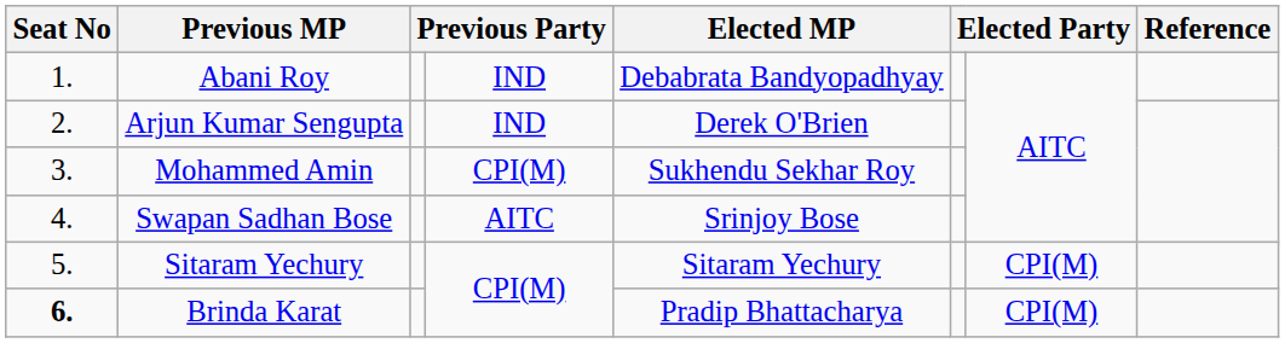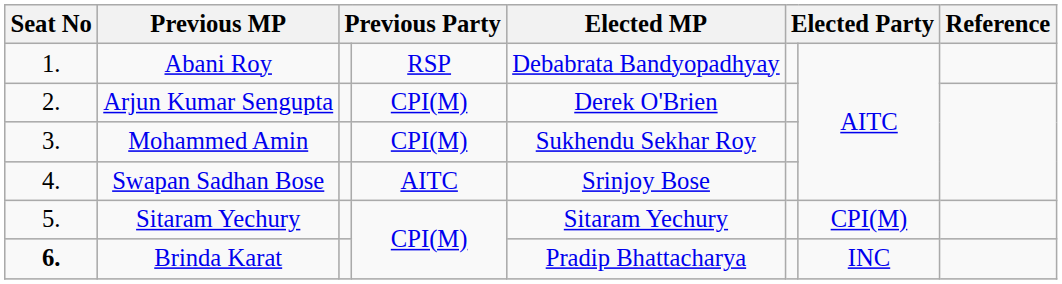 <table class="wikitable">
 <tr>
 <th>Seat No</th>
 <th>Previous MP</th>
 <th colspan=2>Previous Party</th>
 <th>Elected MP</th>
 <th colspan=2>Elected Party</th>
 <th>Reference</th>
 </tr>
 <tr style="text-align:center;">
 <td>1.</td>
 <td><a href='#'>Abani Roy</a></td>
 <td width="1px"></td>
-<td><a href='#'>IND</a></td>
+<td><a href='#'>RSP</a></td>
 <td><a href='#'>Debabrata Bandyopadhyay</a></td>
 <td width="1px"></td>
 <td rowspan=4><a href='#'>AITC</a></td>
 <td></td>
 </tr>
 <tr style="text-align:center;">
 <td>2.</td>
 <td><a href='#'>Arjun Kumar Sengupta</a></td>
 <td width="1px"></td>
-<td><a href='#'>IND</a></td>
+<td><a href='#'>CPI(M)</a></td>
 <td><a href='#'>Derek O'Brien</a></td>
 <td></td>
 </tr>
 <tr style="text-align:center;">
 <td>3.</td>
 <td><a href='#'>Mohammed Amin</a></td>
 <td width="1px"></td>
 <td><a href='#'>CPI(M)</a></td>
 <td><a href='#'>Sukhendu Sekhar Roy</a></td>
 <td></td>
 </tr>
 <tr style="text-align:center;">
 <td>4.</td>
 <td><a href='#'>Swapan Sadhan Bose</a></td>
 <td width="1px"></td>
 <td><a href='#'>AITC</a></td>
 <td><a href='#'>Srinjoy Bose</a></td>
 <td></td>
 </tr>
 <tr style="text-align:center;">
 <td>5.</td>
 <td><a href='#'>Sitaram Yechury</a></td>
 <td width="1px"></td>
 <td rowspan=2><a href='#'>CPI(M)</a></td>
 <td><a href='#'>Sitaram Yechury</a></td>
 <td width="1px"></td>
 <td><a href='#'>CPI(M)</a></td>
 <td></td>
 </tr>
 <tr style="text-align:center;">
 <td><strong>6.</strong></td>
 <td><a href='#'>Brinda Karat</a></td>
 <td width="1px"></td>
 <td><a href='#'>Pradip Bhattacharya</a></td>
 <td width="1px"></td>
-<td><a href='#'>CPI(M)</a></td>
+<td><a href='#'>INC</a></td>
 <td></td>
 </tr>
 </table>
